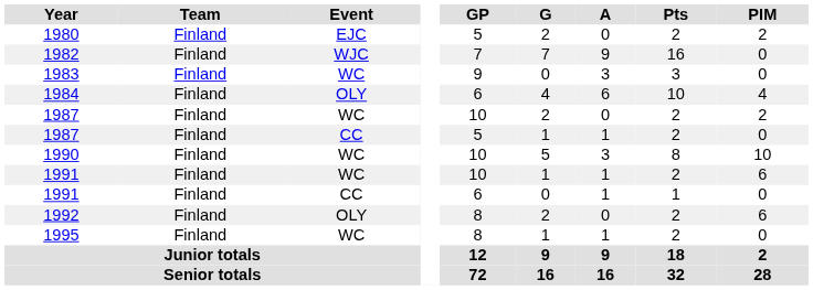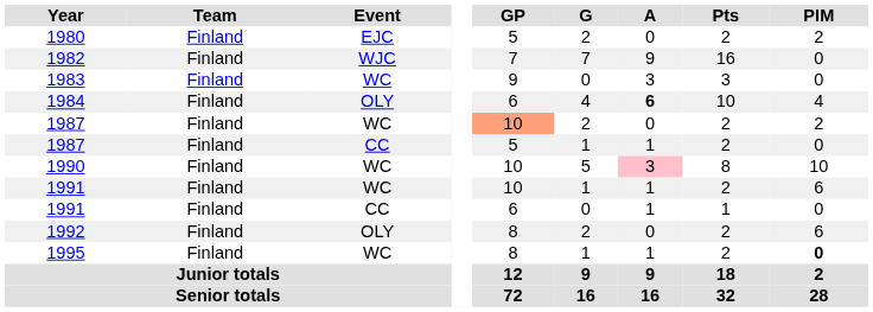 <table border="0" cellpadding="1" cellspacing="0" style="text-align:center; width:50em">
 <tr ALIGN="center" bgcolor="#e0e0e0">
 <th>Year</th>
 <th>Team</th>
 <th>Event</th>
 <th rowspan="99" bgcolor="#ffffff"> </th>
 <th>GP</th>
 <th>G</th>
 <th>A</th>
 <th>Pts</th>
 <th>PIM</th>
 </tr>
 <tr>
 <td><a href='#'>1980</a></td>
 <td><a href='#'>Finland</a></td>
 <td><a href='#'>EJC</a></td>
 <td>5</td>
 <td>2</td>
 <td>0</td>
 <td>2</td>
 <td>2</td>
 </tr>
 <tr bgcolor="#f0f0f0">
 <td><a href='#'>1982</a></td>
 <td>Finland</td>
 <td><a href='#'>WJC</a></td>
 <td>7</td>
 <td>7</td>
 <td>9</td>
 <td>16</td>
 <td>0</td>
 </tr>
 <tr>
 <td><a href='#'>1983</a></td>
 <td><a href='#'>Finland</a></td>
 <td><a href='#'>WC</a></td>
 <td>9</td>
 <td>0</td>
 <td>3</td>
 <td>3</td>
 <td>0</td>
 </tr>
 <tr bgcolor="#f0f0f0">
 <td><a href='#'>1984</a></td>
 <td>Finland</td>
 <td><a href='#'>OLY</a></td>
 <td>6</td>
 <td>4</td>
-<td>6</td>
+<td><strong>6</strong></td>
 <td>10</td>
 <td>4</td>
 </tr>
 <tr>
 <td><a href='#'>1987</a></td>
 <td>Finland</td>
 <td>WC</td>
-<td>10</td>
+<td style="background: lightsalmon;">10</td>
 <td>2</td>
 <td>0</td>
 <td>2</td>
 <td>2</td>
 </tr>
 <tr bgcolor="#f0f0f0">
 <td><a href='#'>1987</a></td>
 <td>Finland</td>
 <td><a href='#'>CC</a></td>
 <td>5</td>
 <td>1</td>
 <td>1</td>
 <td>2</td>
 <td>0</td>
 </tr>
 <tr>
 <td><a href='#'>1990</a></td>
 <td>Finland</td>
 <td>WC</td>
 <td>10</td>
 <td>5</td>
-<td>3</td>
+<td style="background: pink;">3</td>
 <td>8</td>
 <td>10</td>
 </tr>
 <tr bgcolor="#f0f0f0">
 <td><a href='#'>1991</a></td>
 <td>Finland</td>
 <td>WC</td>
 <td>10</td>
 <td>1</td>
 <td>1</td>
 <td>2</td>
 <td>6</td>
 </tr>
 <tr>
 <td><a href='#'>1991</a></td>
 <td>Finland</td>
 <td>CC</td>
 <td>6</td>
 <td>0</td>
 <td>1</td>
 <td>1</td>
 <td>0</td>
 </tr>
 <tr bgcolor="#f0f0f0">
 <td><a href='#'>1992</a></td>
 <td>Finland</td>
 <td>OLY</td>
 <td>8</td>
 <td>2</td>
 <td>0</td>
 <td>2</td>
 <td>6</td>
 </tr>
 <tr>
 <td><a href='#'>1995</a></td>
 <td>Finland</td>
 <td>WC</td>
 <td>8</td>
 <td>1</td>
 <td>1</td>
 <td>2</td>
-<td>0</td>
+<td><strong>0</strong></td>
 </tr>
 <tr bgcolor="#e0e0e0">
 <th colspan=3>Junior totals</th>
 <th>12</th>
 <th>9</th>
 <th>9</th>
 <th>18</th>
 <th>2</th>
 </tr>
 <tr bgcolor="#e0e0e0">
 <th colspan=3>Senior totals</th>
 <th>72</th>
 <th>16</th>
 <th>16</th>
 <th>32</th>
 <th>28</th>
 </tr>
 </table>
